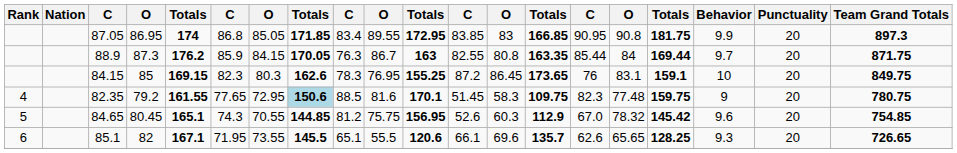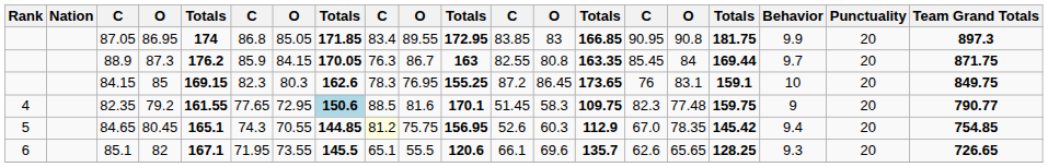 <table class="wikitable sortable" style="text-align:center">
 <tr>
 <th colspan=1>Rank</th>
 <th colspan=1>Nation</th>
 <th colspan=1> C</th>
 <th colspan=1> O</th>
 <th colspan=1> Totals</th>
 <th colspan=1> C</th>
 <th colspan=1> O</th>
 <th colspan=1> Totals</th>
 <th colspan=1> C</th>
 <th colspan=1> O</th>
 <th colspan=1> Totals</th>
 <th colspan=1> C</th>
 <th colspan=1> O</th>
 <th colspan=1> Totals</th>
 <th colspan=1> C</th>
 <th colspan=1> O</th>
 <th colspan=1> Totals</th>
 <th colspan=1>Behavior</th>
 <th colspan=1>Punctuality</th>
 <th colspan=1>Team Grand Totals</th>
 </tr>
 <tr>
 <td></td>
 <td></td>
 <td>87.05</td>
 <td>86.95</td>
 <td><strong>174</strong></td>
 <td>86.8</td>
 <td>85.05</td>
 <td><strong>171.85</strong></td>
 <td>83.4</td>
 <td>89.55</td>
 <td><strong>172.95</strong></td>
 <td>83.85</td>
 <td>83</td>
 <td><strong>166.85</strong></td>
 <td>90.95</td>
 <td>90.8</td>
 <td><strong>181.75</strong></td>
 <td>9.9</td>
 <td>20</td>
 <td><strong>897.3</strong></td>
 </tr>
 <tr>
 <td></td>
 <td></td>
 <td>88.9</td>
 <td>87.3</td>
 <td><strong>176.2</strong></td>
 <td>85.9</td>
 <td>84.15</td>
 <td><strong>170.05</strong></td>
 <td>76.3</td>
 <td>86.7</td>
 <td><strong>163</strong></td>
 <td>82.55</td>
 <td>80.8</td>
 <td><strong>163.35</strong></td>
-<td>85.44</td>
+<td>85.45</td>
 <td>84</td>
 <td><strong>169.44</strong></td>
 <td>9.7</td>
 <td>20</td>
 <td><strong>871.75</strong></td>
 </tr>
 <tr>
 <td></td>
 <td></td>
 <td>84.15</td>
 <td>85</td>
 <td><strong>169.15</strong></td>
 <td>82.3</td>
 <td>80.3</td>
 <td><strong>162.6</strong></td>
 <td>78.3</td>
 <td>76.95</td>
 <td><strong>155.25</strong></td>
 <td>87.2</td>
 <td>86.45</td>
 <td><strong>173.65</strong></td>
 <td>76</td>
 <td>83.1</td>
 <td><strong>159.1</strong></td>
 <td>10</td>
 <td>20</td>
 <td><strong>849.75</strong></td>
 </tr>
 <tr>
 <td>4</td>
 <td></td>
 <td>82.35</td>
 <td>79.2</td>
 <td><strong>161.55</strong></td>
 <td>77.65</td>
 <td>72.95</td>
 <td style="background: lightblue;"><strong>150.6</strong></td>
 <td>88.5</td>
 <td>81.6</td>
 <td><strong>170.1</strong></td>
 <td>51.45</td>
 <td>58.3</td>
 <td><strong>109.75</strong></td>
 <td>82.3</td>
 <td>77.48</td>
 <td><strong>159.75</strong></td>
 <td>9</td>
 <td>20</td>
-<td><strong>780.75</strong></td>
+<td><strong>790.77</strong></td>
 </tr>
 <tr>
 <td>5</td>
 <td></td>
 <td>84.65</td>
 <td>80.45</td>
 <td><strong>165.1</strong></td>
 <td>74.3</td>
 <td>70.55</td>
 <td><strong>144.85</strong></td>
-<td>81.2</td>
+<td style="background: lightyellow;">81.2</td>
 <td>75.75</td>
 <td><strong>156.95</strong></td>
 <td>52.6</td>
 <td>60.3</td>
 <td><strong>112.9</strong></td>
 <td>67.0</td>
-<td>78.32</td>
+<td>78.35</td>
 <td><strong>145.42</strong></td>
-<td>9.6</td>
+<td>9.4</td>
 <td>20</td>
 <td><strong>754.85</strong></td>
 </tr>
 <tr>
 <td>6</td>
 <td></td>
 <td>85.1</td>
 <td>82</td>
 <td><strong>167.1</strong></td>
 <td>71.95</td>
 <td>73.55</td>
 <td><strong>145.5</strong></td>
 <td>65.1</td>
 <td>55.5</td>
 <td><strong>120.6</strong></td>
 <td>66.1</td>
 <td>69.6</td>
 <td><strong>135.7</strong></td>
 <td>62.6</td>
 <td>65.65</td>
 <td><strong>128.25</strong></td>
 <td>9.3</td>
 <td>20</td>
 <td><strong>726.65</strong></td>
 </tr>
 <tr>
 </tr>
 </table>
